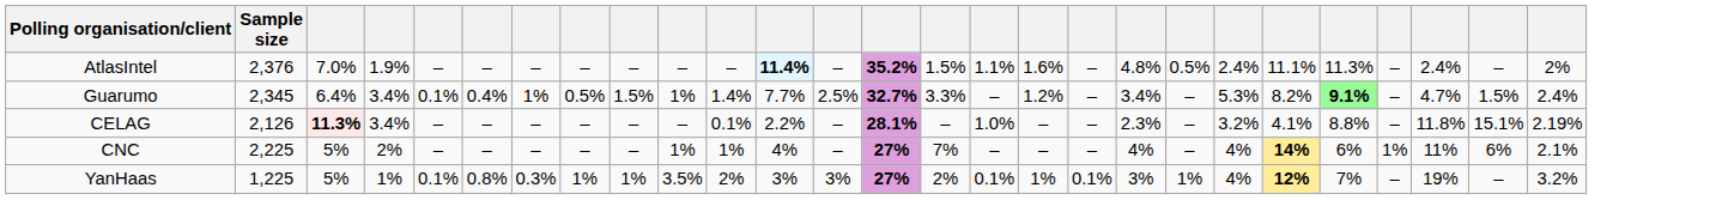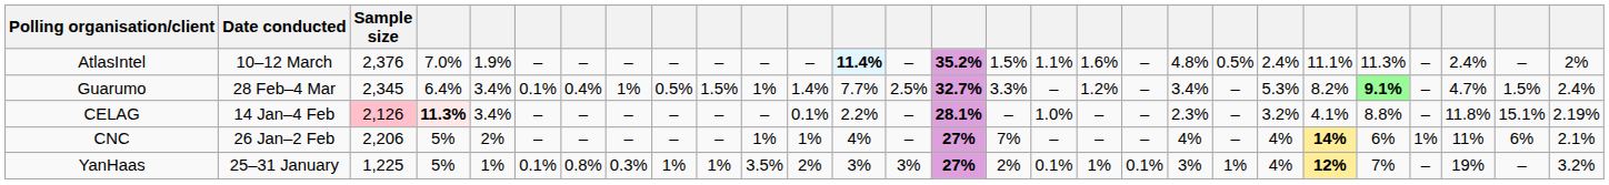 <table class="wikitable" style="text-align:center;font-size:85%;line-height:5x">
 <tr>
 <th>Polling organisation/client</th>
+<th>Date conducted</th>
 <th>Sample<br>size</th>
 <th></th>
 <th></th>
 <th></th>
 <th></th>
 <th></th>
 <th></th>
 <th></th>
 <th></th>
 <th></th>
 <th></th>
 <th></th>
 <th></th>
 <th></th>
 <th></th>
 <th></th>
 <th></th>
 <th></th>
 <th></th>
 <th></th>
 <th></th>
 <th></th>
 <th></th>
 <th></th>
 <th></th>
 <th></th>
 </tr>
 <tr>
 <td>AtlasIntel</td>
+<td>10–12 March</td>
 <td>2,376</td>
 <td>7.0%</td>
 <td>1.9%</td>
 <td>–</td>
 <td>–</td>
 <td>–</td>
 <td>–</td>
 <td>–</td>
 <td>–</td>
 <td>–</td>
 <td style="background:#e2f6fe;"><strong>11.4%</strong></td>
 <td>–</td>
 <td style="background:Plum;"><strong>35.2%</strong></td>
 <td>1.5%</td>
 <td>1.1%</td>
 <td>1.6%</td>
 <td>–</td>
 <td>4.8%</td>
 <td>0.5%</td>
 <td>2.4%</td>
 <td>11.1%</td>
 <td>11.3%</td>
 <td>–</td>
 <td>2.4%</td>
 <td>–</td>
 <td>2%</td>
 </tr>
 <tr>
 <td>Guarumo</td>
+<td>28 Feb–4 Mar</td>
 <td>2,345</td>
 <td>6.4%</td>
 <td>3.4%</td>
 <td>0.1%</td>
 <td>0.4%</td>
 <td>1%</td>
 <td>0.5%</td>
 <td>1.5%</td>
 <td>1%</td>
 <td>1.4%</td>
 <td>7.7%</td>
 <td>2.5%</td>
 <td style="background:Plum;"><strong>32.7%</strong></td>
 <td>3.3%</td>
 <td>–</td>
 <td>1.2%</td>
 <td>–</td>
 <td>3.4%</td>
 <td>–</td>
 <td>5.3%</td>
 <td>8.2%</td>
 <td style="background:palegreen;"><strong>9.1%</strong></td>
 <td>–</td>
 <td>4.7%</td>
 <td>1.5%</td>
 <td>2.4%</td>
 </tr>
 <tr>
 <td>CELAG</td>
-<td>2,126</td>
+<td>14 Jan–4 Feb</td>
+<td style="background: pink;">2,126</td>
 <td style="background:#FFE8E8;"><strong>11.3%</strong></td>
 <td>3.4%</td>
 <td>–</td>
 <td>–</td>
 <td>–</td>
 <td>–</td>
 <td>–</td>
 <td>–</td>
 <td>0.1%</td>
 <td>2.2%</td>
 <td>–</td>
 <td style="background:Plum;"><strong>28.1%</strong></td>
 <td>–</td>
 <td>1.0%</td>
 <td>–</td>
 <td>–</td>
 <td>2.3%</td>
 <td>–</td>
 <td>3.2%</td>
 <td>4.1%</td>
 <td>8.8%</td>
 <td>–</td>
 <td>11.8%</td>
 <td>15.1%</td>
 <td>2.19%</td>
 </tr>
 <tr>
 <td>CNC</td>
-<td>2,225</td>
+<td>26 Jan–2 Feb</td>
+<td>2,206</td>
 <td>5%</td>
 <td>2%</td>
 <td>–</td>
 <td>–</td>
 <td>–</td>
 <td>–</td>
 <td>–</td>
 <td>1%</td>
 <td>1%</td>
 <td>4%</td>
 <td>–</td>
 <td style="background:Plum";><strong>27%</strong></td>
 <td>7%</td>
 <td>–</td>
 <td>–</td>
 <td>–</td>
 <td>4%</td>
 <td>–</td>
 <td>4%</td>
 <td style="background:#FFED99";><strong>14%</strong></td>
 <td>6%</td>
 <td>1%</td>
 <td>11%</td>
 <td>6%</td>
 <td>2.1%</td>
 </tr>
 <tr>
 <td>YanHaas</td>
+<td>25–31 January</td>
 <td>1,225</td>
 <td>5%</td>
 <td>1%</td>
 <td>0.1%</td>
 <td>0.8%</td>
 <td>0.3%</td>
 <td>1%</td>
 <td>1%</td>
 <td>3.5%</td>
 <td>2%</td>
 <td>3%</td>
 <td>3%</td>
 <td style="background:Plum";><strong>27%</strong></td>
 <td>2%</td>
 <td>0.1%</td>
 <td>1%</td>
 <td>0.1%</td>
 <td>3%</td>
 <td>1%</td>
 <td>4%</td>
 <td style="background:#FFED99;"><strong>12%</strong></td>
 <td>7%</td>
 <td>–</td>
 <td>19%</td>
 <td>–</td>
 <td>3.2%</td>
 </tr>
 </table>
